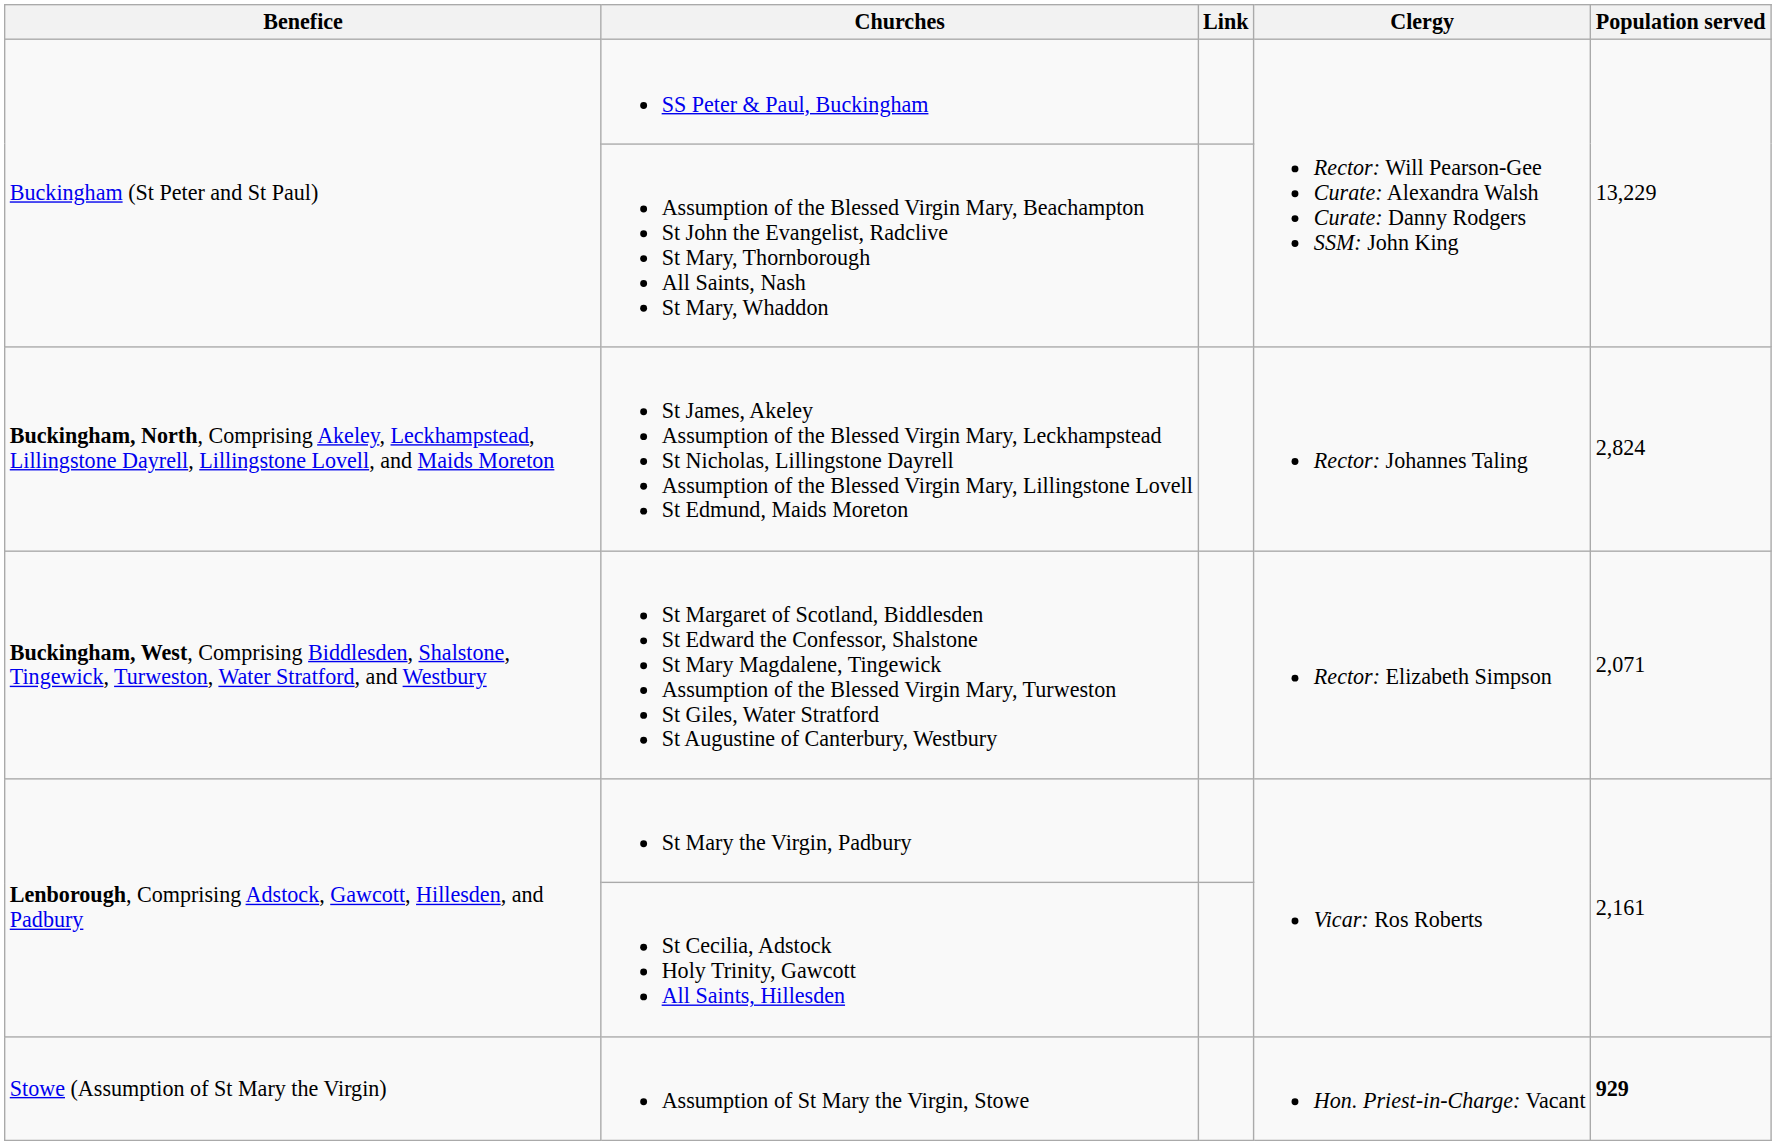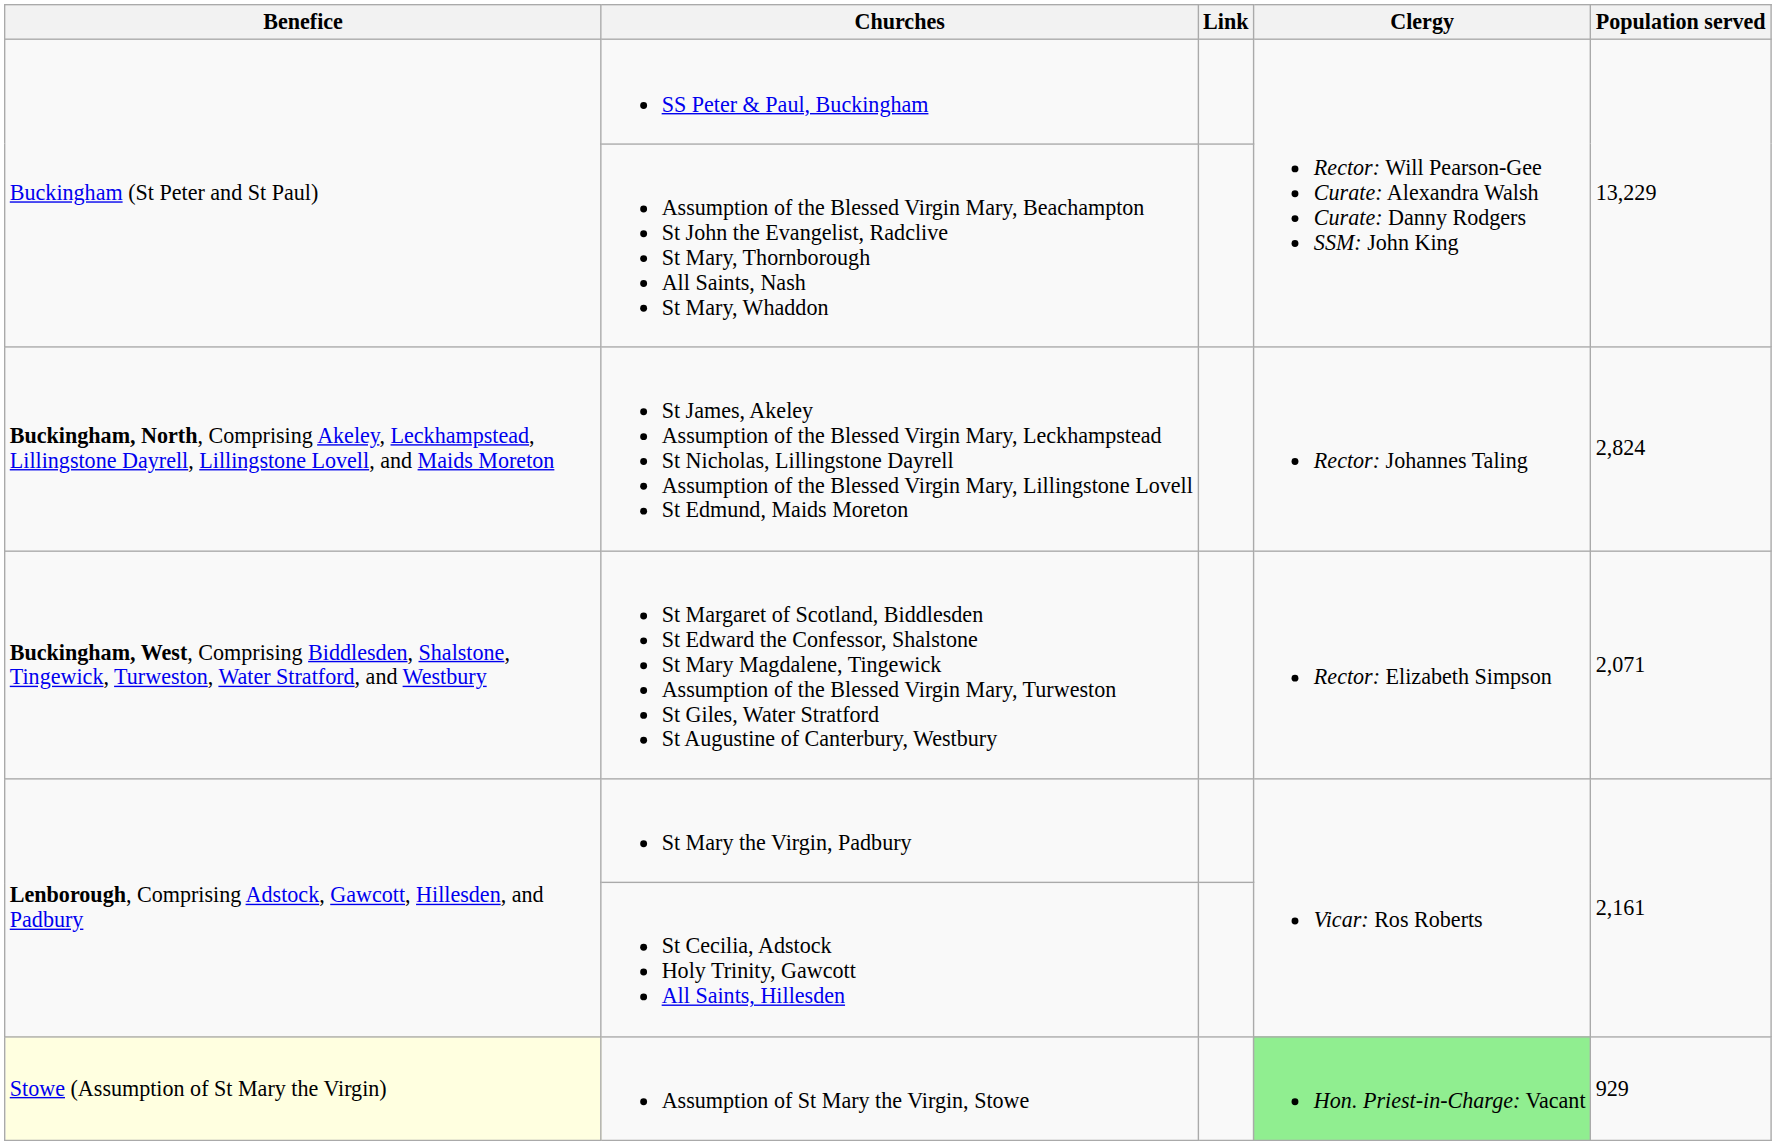 <table class="wikitable">
 <tr>
 <th width="425">Benefice</th>
 <th>Churches</th>
 <th>Link</th>
 <th>Clergy</th>
 <th>Population served</th>
 </tr>
 <tr>
 <td rowspan="2"><a href='#'>Buckingham</a> (St Peter and St Paul)</td>
 <td><br><ul><li><a href='#'>SS Peter & Paul, Buckingham</a></li></ul></td>
 <td></td>
 <td rowspan="2"><br><ul><li><em>Rector:</em> Will Pearson-Gee</li><li><em>Curate:</em> Alexandra Walsh</li><li><em>Curate:</em> Danny Rodgers</li><li><em>SSM:</em> John King</li></ul></td>
 <td rowspan="2">13,229</td>
 </tr>
 <tr>
 <td><br><ul><li>Assumption of the Blessed Virgin Mary, Beachampton</li><li>St John the Evangelist, Radclive</li><li>St Mary, Thornborough</li><li>All Saints, Nash</li><li>St Mary, Whaddon</li></ul></td>
 <td></td>
 </tr>
 <tr>
 <td><strong>Buckingham, North</strong>, Comprising <a href='#'>Akeley</a>, <a href='#'>Leckhampstead</a>, <a href='#'>Lillingstone Dayrell</a>, <a href='#'>Lillingstone Lovell</a>, and <a href='#'>Maids Moreton</a></td>
 <td><br><ul><li>St James, Akeley</li><li>Assumption of the Blessed Virgin Mary, Leckhampstead</li><li>St Nicholas, Lillingstone Dayrell</li><li>Assumption of the Blessed Virgin Mary, Lillingstone Lovell</li><li>St Edmund, Maids Moreton</li></ul></td>
 <td></td>
 <td><br><ul><li><em>Rector:</em> Johannes Taling</li></ul></td>
 <td>2,824</td>
 </tr>
 <tr>
 <td><strong>Buckingham, West</strong>, Comprising <a href='#'>Biddlesden</a>, <a href='#'>Shalstone</a>, <a href='#'>Tingewick</a>, <a href='#'>Turweston</a>, <a href='#'>Water Stratford</a>, and <a href='#'>Westbury</a></td>
 <td><br><ul><li>St Margaret of Scotland, Biddlesden</li><li>St Edward the Confessor, Shalstone</li><li>St Mary Magdalene, Tingewick</li><li>Assumption of the Blessed Virgin Mary, Turweston</li><li>St Giles, Water Stratford</li><li>St Augustine of Canterbury, Westbury</li></ul></td>
 <td></td>
 <td><br><ul><li><em>Rector:</em> Elizabeth Simpson</li></ul></td>
 <td>2,071</td>
 </tr>
 <tr>
 <td rowspan="2"><strong>Lenborough</strong>, Comprising <a href='#'>Adstock</a>, <a href='#'>Gawcott</a>, <a href='#'>Hillesden</a>, and <a href='#'>Padbury</a></td>
 <td><br><ul><li>St Mary the Virgin, Padbury</li></ul></td>
 <td></td>
 <td rowspan="2"><br><ul><li><em>Vicar:</em> Ros Roberts</li></ul></td>
 <td rowspan="2">2,161</td>
 </tr>
 <tr>
 <td><br><ul><li>St Cecilia, Adstock</li><li>Holy Trinity, Gawcott</li><li><a href='#'>All Saints, Hillesden</a></li></ul></td>
 <td></td>
 </tr>
 <tr>
-<td><a href='#'>Stowe</a> (Assumption of St Mary the Virgin)</td>
+<td style="background: lightyellow;"><a href='#'>Stowe</a> (Assumption of St Mary the Virgin)</td>
 <td><br><ul><li>Assumption of St Mary the Virgin, Stowe</li></ul></td>
 <td></td>
-<td><br><ul><li><em>Hon. Priest-in-Charge:</em> Vacant</li></ul></td>
-<td><strong>929</strong></td>
+<td style="background: lightgreen;"><br><ul><li><em>Hon. Priest-in-Charge:</em> Vacant</li></ul></td>
+<td>929</td>
 </tr>
 </table>
